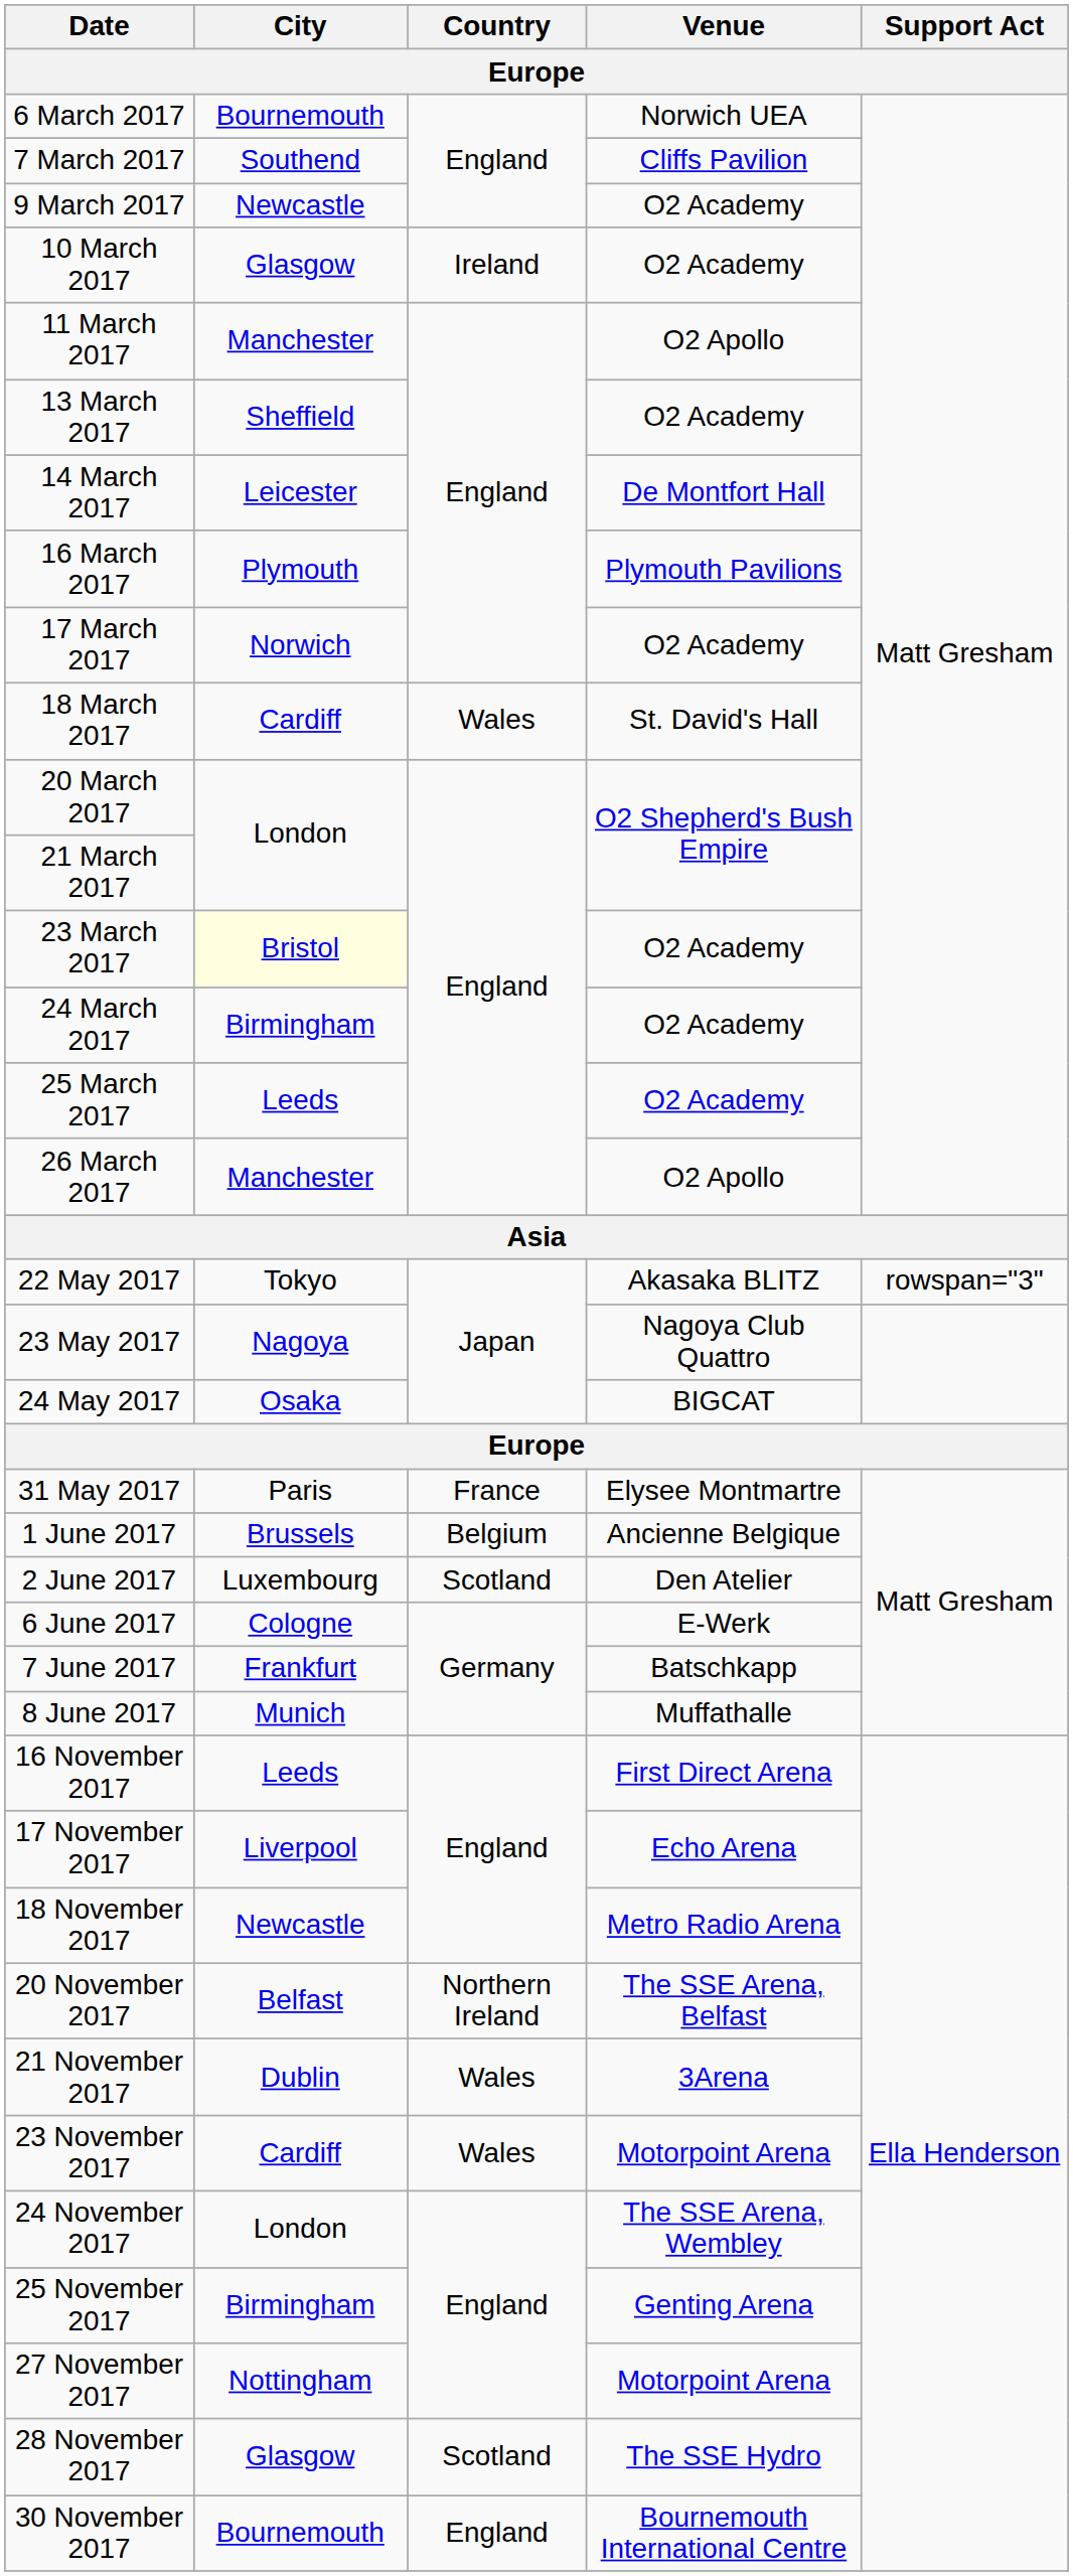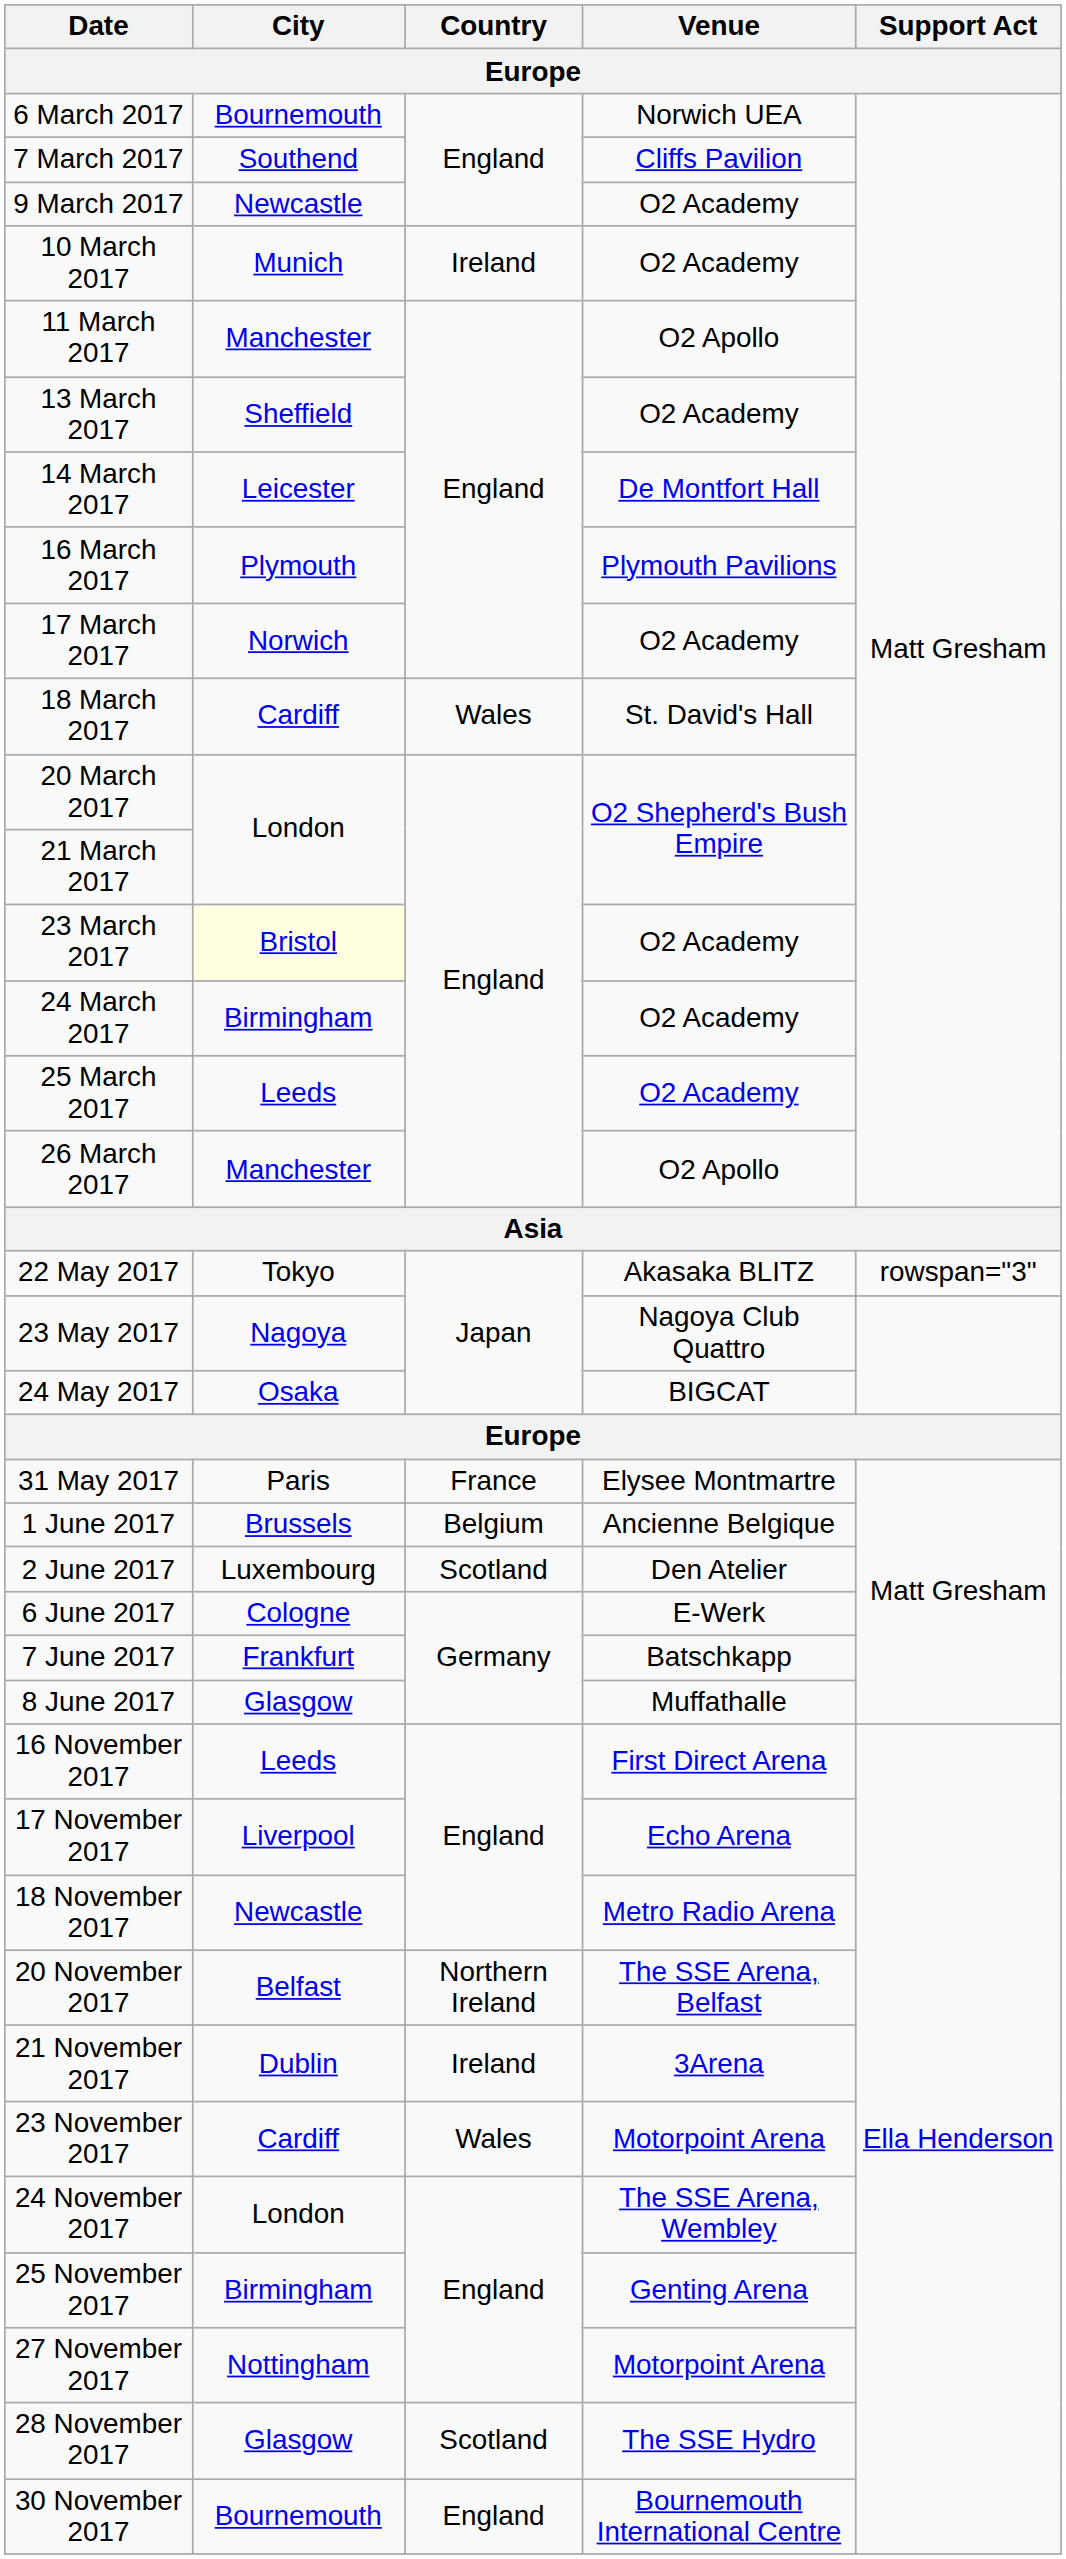 <table class="wikitable" style="text-align:center;">
 <tr>
 <th style="width:150px;">Date</th>
 <th style="width:150px;">City</th>
 <th style="width:150px;">Country</th>
 <th style="width:250px;">Venue</th>
 <th style="width:150px;">Support Act</th>
 </tr>
 <tr>
 <th colspan="5">Europe</th>
 </tr>
 <tr>
 <td>6 March 2017</td>
 <td><a href='#'>Bournemouth</a></td>
 <td rowspan="3">England</td>
 <td>Norwich UEA</td>
 <td rowspan="16">Matt Gresham</td>
 </tr>
 <tr>
 <td>7 March 2017</td>
 <td><a href='#'>Southend</a></td>
 <td><a href='#'>Cliffs Pavilion</a></td>
 </tr>
 <tr>
 <td>9 March 2017</td>
 <td><a href='#'>Newcastle</a></td>
 <td>O2 Academy</td>
 </tr>
 <tr>
 <td>10 March 2017</td>
-<td><a href='#'>Glasgow</a></td>
+<td><a href='#'>Munich</a></td>
 <td>Ireland</td>
 <td>O2 Academy</td>
 </tr>
 <tr>
 <td>11 March 2017</td>
 <td><a href='#'>Manchester</a></td>
 <td rowspan="5">England</td>
 <td>O2 Apollo</td>
 </tr>
 <tr>
 <td>13 March 2017</td>
 <td><a href='#'>Sheffield</a></td>
 <td>O2 Academy</td>
 </tr>
 <tr>
 <td>14 March 2017</td>
 <td><a href='#'>Leicester</a></td>
 <td><a href='#'>De Montfort Hall</a></td>
 </tr>
 <tr>
 <td>16 March 2017</td>
 <td><a href='#'>Plymouth</a></td>
 <td><a href='#'>Plymouth Pavilions</a></td>
 </tr>
 <tr>
 <td>17 March 2017</td>
 <td><a href='#'>Norwich</a></td>
 <td>O2 Academy</td>
 </tr>
 <tr>
 <td>18 March 2017</td>
 <td><a href='#'>Cardiff</a></td>
 <td>Wales</td>
 <td>St. David's Hall</td>
 </tr>
 <tr>
 <td>20 March 2017</td>
 <td rowspan="2">London</td>
 <td rowspan="6">England</td>
 <td rowspan="2"><a href='#'>O2 Shepherd's Bush Empire</a></td>
 </tr>
 <tr>
 <td>21 March 2017</td>
 </tr>
 <tr>
 <td>23 March 2017</td>
 <td style="background: lightyellow;"><a href='#'>Bristol</a></td>
 <td>O2 Academy</td>
 </tr>
 <tr>
 <td>24 March 2017</td>
 <td><a href='#'>Birmingham</a></td>
 <td>O2 Academy</td>
 </tr>
 <tr>
 <td>25 March 2017</td>
 <td><a href='#'>Leeds</a></td>
 <td><a href='#'>O2 Academy</a></td>
 </tr>
 <tr>
 <td>26 March 2017</td>
 <td><a href='#'>Manchester</a></td>
 <td>O2 Apollo</td>
 </tr>
 <tr>
 <th colspan="5">Asia</th>
 </tr>
 <tr>
 <td>22 May 2017</td>
 <td>Tokyo</td>
 <td rowspan="3">Japan</td>
 <td>Akasaka BLITZ</td>
 <td>rowspan="3" </td>
 </tr>
 <tr>
 <td>23 May 2017</td>
 <td><a href='#'>Nagoya</a></td>
 <td>Nagoya Club Quattro</td>
 </tr>
 <tr>
 <td>24 May 2017</td>
 <td><a href='#'>Osaka</a></td>
 <td>BIGCAT</td>
 </tr>
 <tr>
 <th colspan="5">Europe</th>
 </tr>
 <tr>
 <td>31 May 2017</td>
 <td>Paris</td>
 <td>France</td>
 <td>Elysee Montmartre</td>
 <td rowspan="6">Matt Gresham</td>
 </tr>
 <tr>
 <td>1 June 2017</td>
 <td><a href='#'>Brussels</a></td>
 <td>Belgium</td>
 <td>Ancienne Belgique</td>
 </tr>
 <tr>
 <td>2 June 2017</td>
 <td>Luxembourg</td>
 <td>Scotland</td>
 <td>Den Atelier</td>
 </tr>
 <tr>
 <td>6 June 2017</td>
 <td><a href='#'>Cologne</a></td>
 <td rowspan="3">Germany</td>
 <td>E-Werk</td>
 </tr>
 <tr>
 <td>7 June 2017</td>
 <td><a href='#'>Frankfurt</a></td>
 <td>Batschkapp</td>
 </tr>
 <tr>
 <td>8 June 2017</td>
-<td><a href='#'>Munich</a></td>
+<td><a href='#'>Glasgow</a></td>
 <td>Muffathalle</td>
 </tr>
 <tr>
 <td>16 November 2017</td>
 <td><a href='#'>Leeds</a></td>
 <td rowspan="3">England</td>
 <td><a href='#'>First Direct Arena</a></td>
 <td rowspan="11"><a href='#'>Ella Henderson</a></td>
 </tr>
 <tr>
 <td>17 November 2017</td>
 <td><a href='#'>Liverpool</a></td>
 <td><a href='#'>Echo Arena</a></td>
 </tr>
 <tr>
 <td>18 November 2017</td>
 <td><a href='#'>Newcastle</a></td>
 <td><a href='#'>Metro Radio Arena</a></td>
 </tr>
 <tr>
 <td>20 November 2017</td>
 <td><a href='#'>Belfast</a></td>
 <td>Northern Ireland</td>
 <td><a href='#'>The SSE Arena, Belfast</a></td>
 </tr>
 <tr>
 <td>21 November 2017</td>
 <td><a href='#'>Dublin</a></td>
-<td>Wales</td>
+<td>Ireland</td>
 <td><a href='#'>3Arena</a></td>
 </tr>
 <tr>
 <td>23 November 2017</td>
 <td><a href='#'>Cardiff</a></td>
 <td>Wales</td>
 <td><a href='#'>Motorpoint Arena</a></td>
 </tr>
 <tr>
 <td>24 November 2017</td>
 <td>London</td>
 <td rowspan="3">England</td>
 <td><a href='#'>The SSE Arena, Wembley</a></td>
 </tr>
 <tr>
 <td>25 November 2017</td>
 <td><a href='#'>Birmingham</a></td>
 <td><a href='#'>Genting Arena</a></td>
 </tr>
 <tr>
 <td>27 November 2017</td>
 <td><a href='#'>Nottingham</a></td>
 <td><a href='#'>Motorpoint Arena</a></td>
 </tr>
 <tr>
 <td>28 November 2017</td>
 <td><a href='#'>Glasgow</a></td>
 <td>Scotland</td>
 <td><a href='#'>The SSE Hydro</a></td>
 </tr>
 <tr>
 <td>30 November 2017</td>
 <td><a href='#'>Bournemouth</a></td>
 <td>England</td>
 <td><a href='#'>Bournemouth International Centre</a></td>
 </tr>
 </table>
